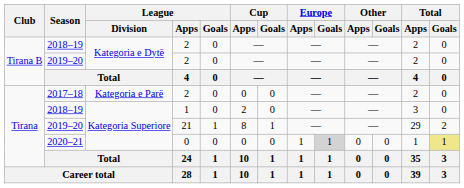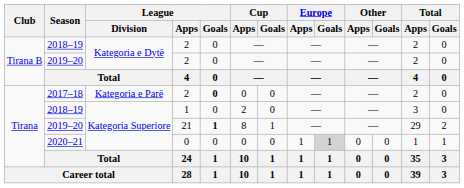 <table class="wikitable" style="text-align:center">
 <tr>
 <th rowspan="2">Club</th>
 <th rowspan="2">Season</th>
 <th colspan="3">League</th>
 <th colspan="2">Cup</th>
 <th colspan="2"><a href='#'>Europe</a></th>
 <th colspan="2">Other</th>
 <th colspan="2">Total</th>
 </tr>
 <tr>
 <th>Division</th>
 <th>Apps</th>
 <th>Goals</th>
 <th>Apps</th>
 <th>Goals</th>
 <th>Apps</th>
 <th>Goals</th>
 <th>Apps</th>
 <th>Goals</th>
 <th>Apps</th>
 <th>Goals</th>
 </tr>
 <tr>
 <td rowspan="3" valign="center"><a href='#'>Tirana B</a></td>
 <td><a href='#'>2018–19</a></td>
 <td rowspan="2"><a href='#'>Kategoria e Dytë</a></td>
 <td>2</td>
 <td>0</td>
 <td colspan="2">—</td>
 <td colspan="2">—</td>
 <td colspan="2">—</td>
 <td>2</td>
 <td>0</td>
 </tr>
 <tr>
 <td><a href='#'>2019–20</a></td>
 <td>2</td>
 <td>0</td>
 <td colspan="2">—</td>
 <td colspan="2">—</td>
 <td colspan="2">—</td>
 <td>2</td>
 <td>0</td>
 </tr>
 <tr>
 <th colspan="2" valign="center">Total</th>
 <th>4</th>
 <th>0</th>
 <th colspan="2">—</th>
 <th colspan="2">—</th>
 <th colspan="2">—</th>
 <th>4</th>
 <th>0</th>
 </tr>
 <tr>
 <td rowspan="5" valign="center"><a href='#'>Tirana</a></td>
 <td><a href='#'>2017–18</a></td>
 <td rowspan="1"><a href='#'>Kategoria e Parë</a></td>
 <td>2</td>
-<td>0</td>
+<td><strong>0</strong></td>
 <td>0</td>
 <td>0</td>
 <td colspan="2">—</td>
 <td colspan="2">—</td>
 <td>2</td>
 <td>0</td>
 </tr>
 <tr>
 <td><a href='#'>2018–19</a></td>
 <td rowspan="3"><a href='#'>Kategoria Superiore</a></td>
 <td>1</td>
 <td>0</td>
 <td>2</td>
 <td>0</td>
 <td colspan="2">—</td>
 <td colspan="2">—</td>
 <td>3</td>
 <td>0</td>
 </tr>
 <tr>
 <td><a href='#'>2019–20</a></td>
 <td>21</td>
-<td>1</td>
+<td><strong>1</strong></td>
 <td>8</td>
 <td>1</td>
 <td colspan="2">—</td>
 <td colspan="2">—</td>
 <td>29</td>
 <td>2</td>
 </tr>
 <tr>
 <td><a href='#'>2020–21</a></td>
 <td>0</td>
 <td>0</td>
 <td>0</td>
 <td>0</td>
 <td>1</td>
 <td style="background: lightgrey;">1</td>
 <td>0</td>
 <td>0</td>
 <td>1</td>
-<td style="background: khaki;">1</td>
+<td>1</td>
 </tr>
 <tr>
 <th colspan="2" valign="center">Total</th>
 <th>24</th>
 <th>1</th>
 <th>10</th>
 <th>1</th>
 <th>1</th>
 <th>1</th>
 <th>0</th>
 <th>0</th>
 <th>35</th>
 <th>3</th>
 </tr>
 <tr>
 <th colspan="3">Career total</th>
 <th>28</th>
 <th>1</th>
 <th>10</th>
 <th>1</th>
 <th>1</th>
 <th>1</th>
 <th>0</th>
 <th>0</th>
 <th>39</th>
 <th>3</th>
 </tr>
 </table>
